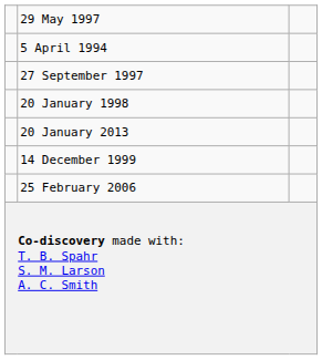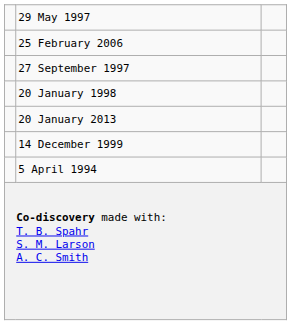 <table class="wikitable" style="font-size: 89%; float: left; width: 26em; margin-right: 1em; height: 336px;">
 <tr>
 <td></td>
 <td>29 May 1997</td>
 <td></td>
 </tr>
 <tr>
 <td></td>
-<td>5 April 1994</td>
+<td>25 February 2006</td>
 <td> </td>
 </tr>
 <tr>
 <td></td>
 <td>27 September 1997</td>
 <td></td>
 </tr>
 <tr>
 <td></td>
 <td>20 January 1998</td>
 <td></td>
 </tr>
 <tr>
 <td></td>
 <td>20 January 2013</td>
 <td></td>
 </tr>
 <tr>
 <td></td>
 <td>14 December 1999</td>
 <td></td>
 </tr>
 <tr>
 <td></td>
-<td>25 February 2006</td>
+<td>5 April 1994</td>
 <td> </td>
 </tr>
 <tr>
 <th colspan=3 style="font-weight: normal; text-align: left; padding: 10px 12px 39px 12px;"><strong>Co-discovery</strong> made with:<br> <a href='#'>T. B. Spahr</a><br> <a href='#'>S. M. Larson</a><br> <a href='#'>A. C. Smith</a></th>
 </tr>
 </table>
